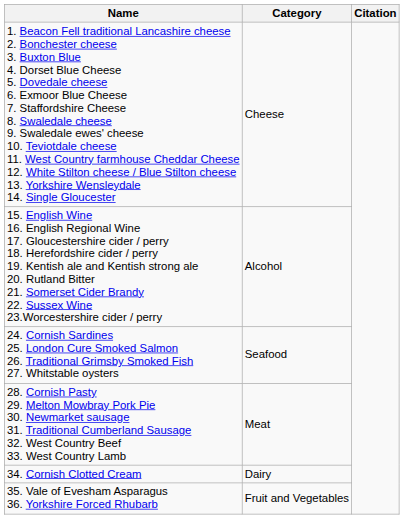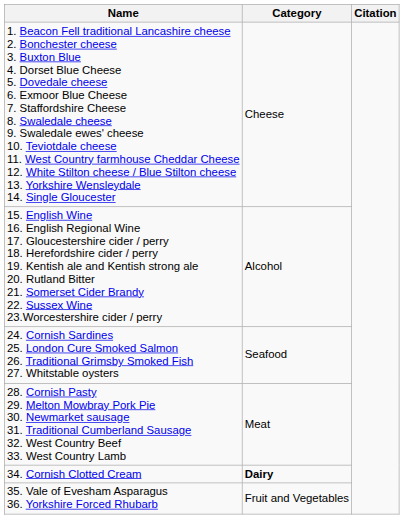 <table class="wikitable">
 <tr>
 <th>Name</th>
 <th>Category</th>
 <th>Citation</th>
 </tr>
 <tr>
 <td>1. <a href='#'>Beacon Fell traditional Lancashire cheese</a><br>2. <a href='#'>Bonchester cheese</a><br>3. <a href='#'>Buxton Blue</a><br>4. Dorset Blue Cheese<br>5. <a href='#'>Dovedale cheese</a><br>6. Exmoor Blue Cheese<br>7. Staffordshire Cheese<br>8. <a href='#'>Swaledale cheese</a><br>9. Swaledale ewes' cheese<br>10. <a href='#'>Teviotdale cheese</a><br>11. <a href='#'>West Country farmhouse Cheddar Cheese</a><br>12. <a href='#'>White Stilton cheese / Blue Stilton cheese</a><br>13. <a href='#'>Yorkshire Wensleydale</a><br>14. <a href='#'>Single Gloucester</a></td>
 <td>Cheese</td>
 <td rowspan="6"></td>
 </tr>
 <tr>
 <td>15. <a href='#'>English Wine</a><br>16. English Regional Wine<br>17. Gloucestershire cider / perry<br>18. Herefordshire cider / perry<br>19. Kentish ale and Kentish strong ale<br>20. Rutland Bitter<br>21. <a href='#'>Somerset Cider Brandy</a><br>22. <a href='#'>Sussex Wine</a><br>23.Worcestershire cider / perry</td>
 <td>Alcohol</td>
 </tr>
 <tr>
 <td>24. <a href='#'>Cornish Sardines</a><br>25. <a href='#'>London Cure Smoked Salmon</a><br>26. <a href='#'>Traditional Grimsby Smoked Fish</a><br>27. Whitstable oysters</td>
 <td>Seafood</td>
 </tr>
 <tr>
 <td>28. <a href='#'>Cornish Pasty</a><br>29. <a href='#'>Melton Mowbray Pork Pie</a><br>30. <a href='#'>Newmarket sausage</a><br>31. <a href='#'>Traditional Cumberland Sausage</a><br>32. West Country Beef<br>33. West Country Lamb</td>
 <td>Meat</td>
 </tr>
 <tr>
 <td>34. <a href='#'>Cornish Clotted Cream</a></td>
-<td>Dairy</td>
+<td><strong>Dairy</strong></td>
 </tr>
 <tr>
 <td>35. Vale of Evesham Asparagus<br>36. <a href='#'>Yorkshire Forced Rhubarb</a></td>
 <td>Fruit and Vegetables</td>
 </tr>
 </table>
